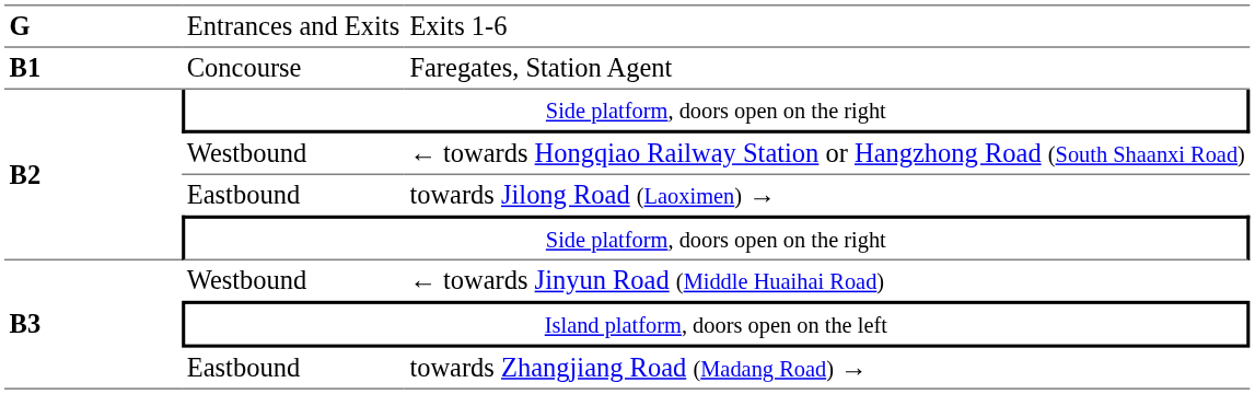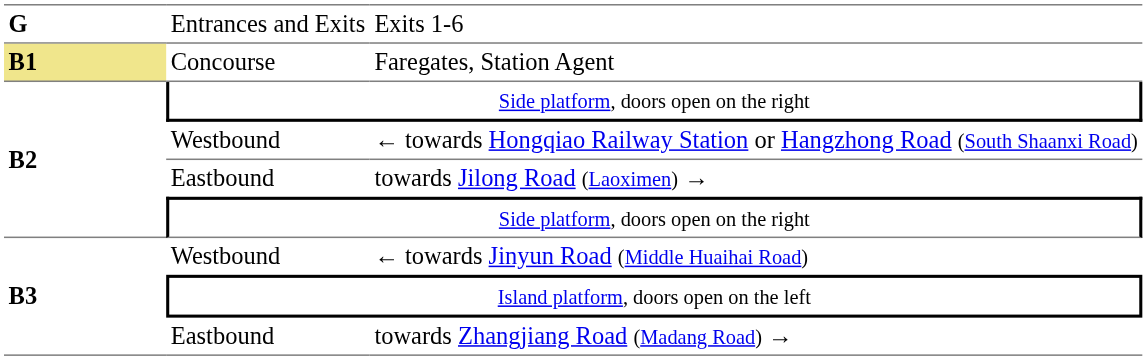 <table cellspacing=0 cellpadding=3>
 <tr>
 <td style="border-top:solid 1px gray;border-bottom:solid 1px gray;" width=100><strong>G</strong></td>
 <td style="border-top:solid 1px gray;border-bottom:solid 1px gray;">Entrances and Exits</td>
 <td style="border-top:solid 1px gray;border-bottom:solid 1px gray;">Exits 1-6</td>
 </tr>
 <tr>
-<td style="border-bottom:solid 1px gray;"><strong>B1</strong></td>
+<td style="background: khaki; border-bottom:solid 1px gray;"><strong>B1</strong></td>
 <td style="border-bottom:solid 1px gray;">Concourse</td>
 <td style="border-bottom:solid 1px gray;">Faregates, Station Agent</td>
 </tr>
 <tr>
 <td style="border-bottom:solid 1px gray;" rowspan=4><strong>B2</strong></td>
 <td style="border-right:solid 2px black;border-left:solid 2px black;border-bottom:solid 2px black;text-align:center;" colspan=2><small><a href='#'>Side platform</a>, doors open on the right</small></td>
 </tr>
 <tr>
 <td style="border-bottom:solid 1px gray;">Westbound</td>
 <td style="border-bottom:solid 1px gray;">←  towards <a href='#'>Hongqiao Railway Station</a> or <a href='#'>Hangzhong Road</a> <small>(<a href='#'>South Shaanxi Road</a>)</small></td>
 </tr>
 <tr>
 <td>Eastbound</td>
 <td>  towards <a href='#'>Jilong Road</a> <small>(<a href='#'>Laoximen</a>)</small> →</td>
 </tr>
 <tr>
 <td style="border-right:solid 2px black;border-left:solid 2px black;border-top:solid 2px black;border-bottom:solid 1px gray;text-align:center;" colspan=2><small><a href='#'>Side platform</a>, doors open on the right</small></td>
 </tr>
 <tr>
 <td style="border-bottom:solid 1px gray;" rowspan=3><strong>B3</strong></td>
 <td>Westbound</td>
 <td>←  towards <a href='#'>Jinyun Road</a> <small>(<a href='#'>Middle Huaihai Road</a>)</small></td>
 </tr>
 <tr>
 <td style="border-right:solid 2px black;border-left:solid 2px black;border-top:solid 2px black;border-bottom:solid 2px black;text-align:center;" colspan=2><small><a href='#'>Island platform</a>, doors open on the left</small></td>
 </tr>
 <tr>
 <td style="border-bottom:solid 1px gray;">Eastbound</td>
 <td style="border-bottom:solid 1px gray;">  towards <a href='#'>Zhangjiang Road</a> <small>(<a href='#'>Madang Road</a>)</small> →</td>
 </tr>
 </table>
